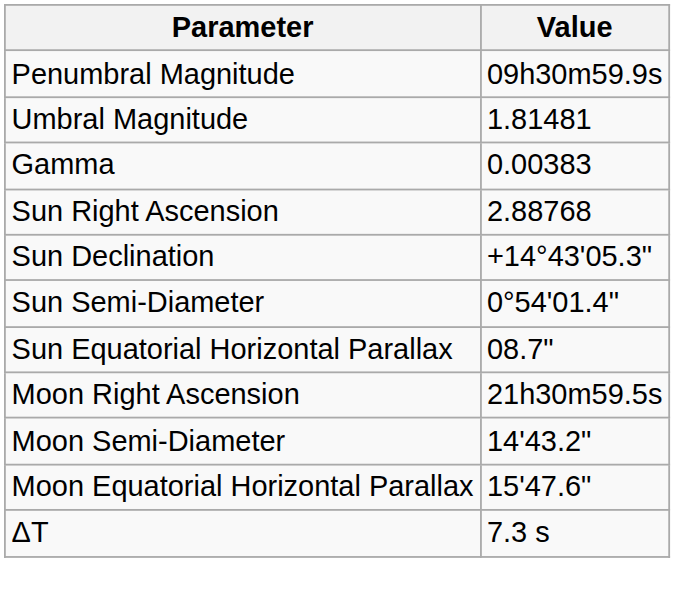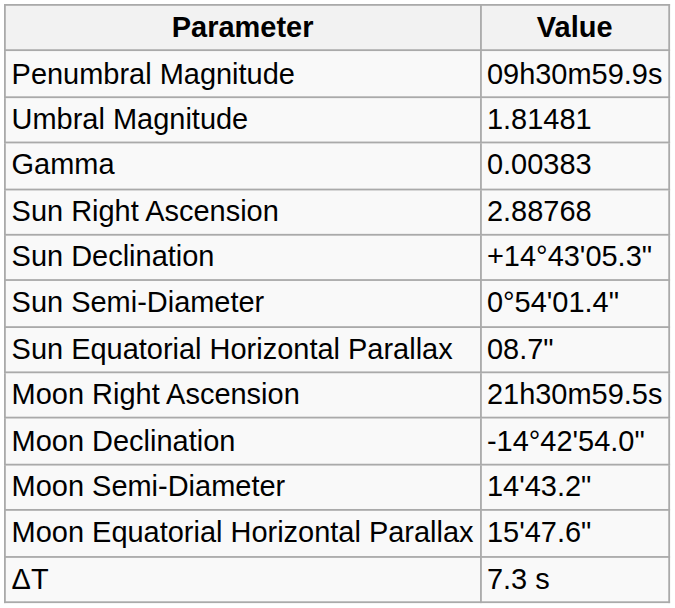 <table class="wikitable">
 <tr>
 <th>Parameter</th>
 <th>Value</th>
 </tr>
 <tr>
 <td>Penumbral Magnitude</td>
 <td>09h30m59.9s</td>
 </tr>
 <tr>
 <td>Umbral Magnitude</td>
 <td>1.81481</td>
 </tr>
 <tr>
 <td>Gamma</td>
 <td>0.00383</td>
 </tr>
 <tr>
 <td>Sun Right Ascension</td>
 <td>2.88768</td>
 </tr>
 <tr>
 <td>Sun Declination</td>
 <td>+14°43'05.3"</td>
 </tr>
 <tr>
 <td>Sun Semi-Diameter</td>
 <td>0°54'01.4"</td>
 </tr>
 <tr>
 <td>Sun Equatorial Horizontal Parallax</td>
 <td>08.7"</td>
 </tr>
 <tr>
 <td>Moon Right Ascension</td>
 <td>21h30m59.5s</td>
 </tr>
 <tr>
+<td>Moon Declination</td>
+<td>-14°42'54.0"</td>
+</tr>
+<tr>
 <td>Moon Semi-Diameter</td>
 <td>14'43.2"</td>
 </tr>
 <tr>
 <td>Moon Equatorial Horizontal Parallax</td>
 <td>15'47.6"</td>
 </tr>
 <tr>
 <td>ΔT</td>
 <td>7.3 s</td>
 </tr>
 </table>
